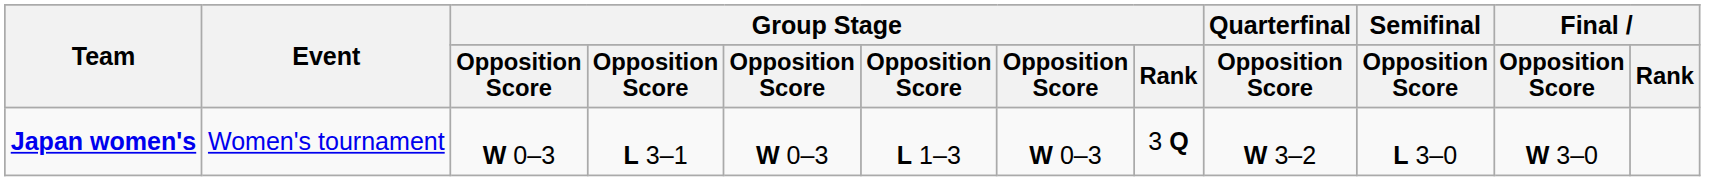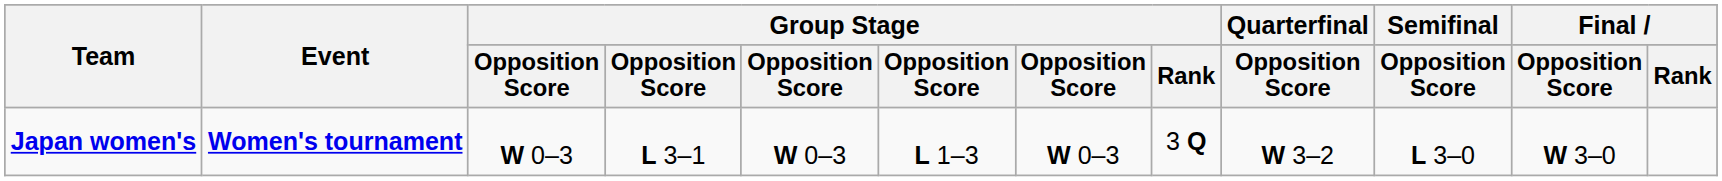 <table class=wikitable style=font-size:90%;text-align:center>
 <tr>
 <th rowspan=2>Team</th>
 <th rowspan=2>Event</th>
 <th colspan=6>Group Stage</th>
 <th>Quarterfinal</th>
 <th>Semifinal</th>
 <th colspan=2>Final / </th>
 </tr>
 <tr style=font-size:95%>
 <th>Opposition<br>Score</th>
 <th>Opposition<br>Score</th>
 <th>Opposition<br>Score</th>
 <th>Opposition<br>Score</th>
 <th>Opposition<br>Score</th>
 <th>Rank</th>
 <th>Opposition<br>Score</th>
 <th>Opposition<br>Score</th>
 <th>Opposition<br>Score</th>
 <th>Rank</th>
 </tr>
 <tr>
 <td align=left><strong><a href='#'>Japan women's</a></strong></td>
-<td align=left><a href='#'>Women's tournament</a></td>
+<td align=left><strong><a href='#'>Women's tournament</a></strong></td>
 <td><br><strong>W</strong> 0–3</td>
 <td><br><strong>L</strong> 3–1</td>
 <td><br><strong>W</strong> 0–3</td>
 <td><br><strong>L</strong> 1–3</td>
 <td><br><strong>W</strong> 0–3</td>
 <td>3 <strong>Q</strong></td>
 <td><br><strong>W</strong> 3–2</td>
 <td><br><strong>L</strong> 3–0</td>
 <td><br><strong>W</strong> 3–0</td>
 <td></td>
 </tr>
 </table>
